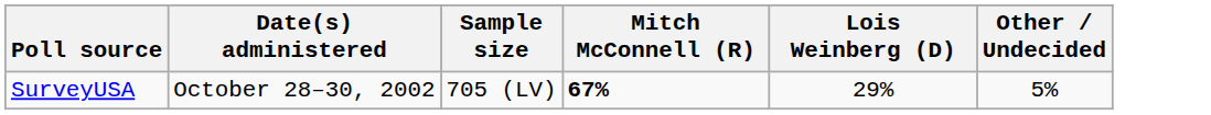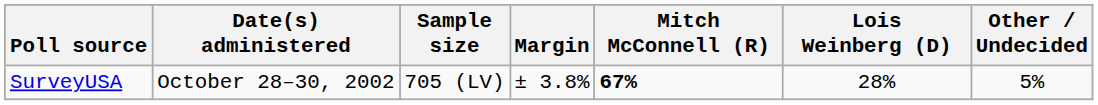 <table class="wikitable" style="font-size:90%">
 <tr valign=bottom>
 <th>Poll source</th>
 <th>Date(s)<br>administered</th>
 <th>Sample<br>size</th>
+<th>Margin<br></th>
 <th style="width:100px;">Mitch<br>McConnell (R)</th>
 <th style="width:100px;">Lois<br>Weinberg (D)</th>
 <th>Other /<br>Undecided</th>
 </tr>
 <tr>
 <td><a href='#'>SurveyUSA</a></td>
 <td align=center>October 28–30, 2002</td>
 <td align=center>705 (LV)</td>
+<td align=center>± 3.8%</td>
 <td><strong>67%</strong></td>
-<td align=center>29%</td>
+<td align=center>28%</td>
 <td align=center>5%</td>
 </tr>
 </table>
